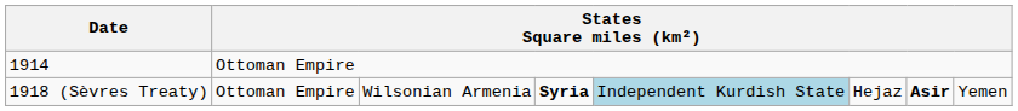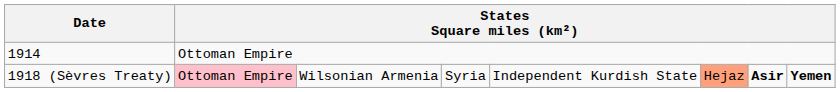 <table class="wikitable">
 <tr>
 <th>Date</th>
 <th colspan=8>States <br>Square miles (km²)</th>
 </tr>
 <tr>
 <td>1914</td>
 <td colspan=8>Ottoman Empire </td>
 </tr>
 <tr>
 <td>1918 (Sèvres Treaty) <br></td>
-<td>Ottoman Empire <br></td>
+<td style="background: pink;">Ottoman Empire <br></td>
 <td>Wilsonian Armenia <br></td>
-<td><strong>Syria <br></strong></td>
-<td style="background: lightblue;">Independent Kurdish State <br></td>
-<td>Hejaz <br></td>
+<td>Syria <br></td>
+<td>Independent Kurdish State <br></td>
+<td style="background: lightsalmon;">Hejaz <br></td>
 <td><strong>Asir <br></strong></td>
-<td>Yemen <br></td>
+<td><strong>Yemen <br></strong></td>
 </tr>
 </table>
